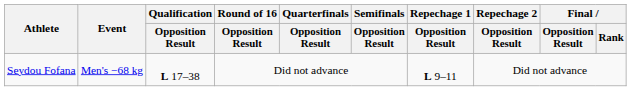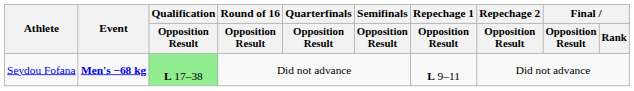 <table class="wikitable" style="font-size:90%;">
 <tr>
 <th rowspan=2>Athlete</th>
 <th rowspan=2>Event</th>
 <th>Qualification</th>
 <th>Round of 16</th>
 <th>Quarterfinals</th>
 <th>Semifinals</th>
 <th>Repechage 1</th>
 <th>Repechage 2</th>
 <th colspan=2>Final / </th>
 </tr>
 <tr style="font-size:95%">
 <th>Opposition<br>Result</th>
 <th>Opposition<br>Result</th>
 <th>Opposition<br>Result</th>
 <th>Opposition<br>Result</th>
 <th>Opposition<br>Result</th>
 <th>Opposition<br>Result</th>
 <th>Opposition<br>Result</th>
 <th>Rank</th>
 </tr>
 <tr align=center>
 <td align=left><a href='#'>Seydou Fofana</a></td>
-<td align=left><a href='#'>Men's −68 kg</a></td>
-<td><br><strong>L</strong> 17–38 </td>
+<td align=left><strong><a href='#'>Men's −68 kg</a></strong></td>
+<td style="background: lightgreen;"><br><strong>L</strong> 17–38 </td>
 <td colspan=3>Did not advance</td>
 <td><br><strong>L</strong> 9–11</td>
 <td colspan=3>Did not advance</td>
 </tr>
 </table>
